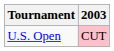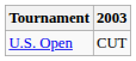 <table class="wikitable" style="font-size:95%;text-align:center;">
 <tr>
 <th>Tournament</th>
 <th>2003</th>
 </tr>
 <tr>
 <td align=left><a href='#'>U.S. Open</a></td>
-<td style="background: pink;">CUT</td>
+<td>CUT</td>
 </tr>
 </table>
